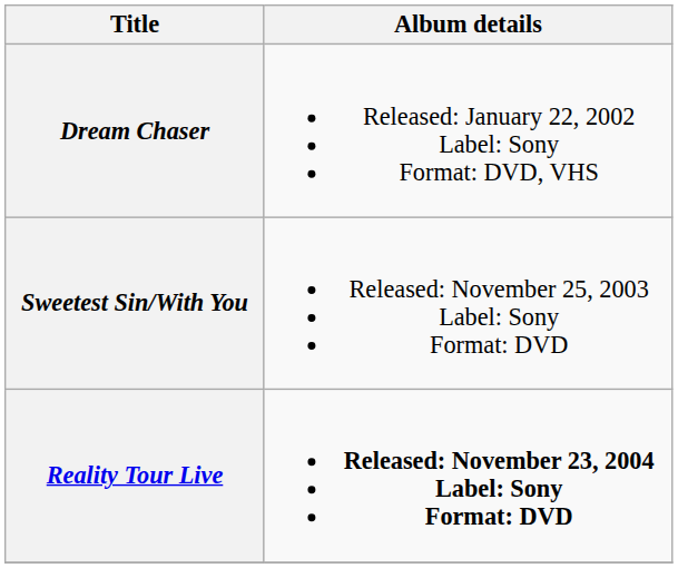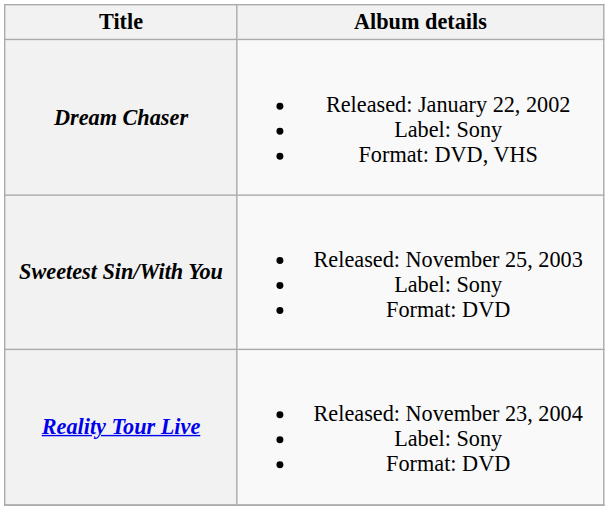 <table class="wikitable plainrowheaders" style="text-align:center;">
 <tr>
 <th scope="col" style="width:10em;">Title</th>
 <th scope="col" style="width:16em;">Album details</th>
 </tr>
 <tr>
 <th scope="row"><em>Dream Chaser</em></th>
 <td><br><ul><li>Released: January 22, 2002</li><li>Label: Sony</li><li>Format: DVD, VHS</li></ul></td>
 </tr>
 <tr>
 <th scope="row"><em>Sweetest Sin/With You</em></th>
 <td><br><ul><li>Released: November 25, 2003</li><li>Label: Sony</li><li>Format: DVD</li></ul></td>
 </tr>
 <tr>
 <th scope="row"><em><a href='#'>Reality Tour Live</a></em></th>
-<td><strong><br><ul><li>Released: November 23, 2004</li><li>Label: Sony</li><li>Format: DVD</li></ul></strong></td>
+<td><br><ul><li>Released: November 23, 2004</li><li>Label: Sony</li><li>Format: DVD</li></ul></td>
 </tr>
 <tr>
 </tr>
 </table>
